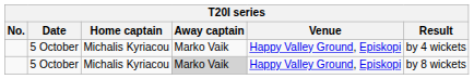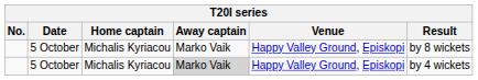 <table class="wikitable">
 <tr>
 <th colspan="9">T20I series</th>
 </tr>
 <tr>
 <th>No.</th>
 <th>Date</th>
 <th>Home captain</th>
 <th>Away captain</th>
 <th>Venue</th>
 <th>Result</th>
 </tr>
 <tr>
 <td></td>
 <td>5 October</td>
 <td>Michalis Kyriacou</td>
 <td>Marko Vaik</td>
 <td><a href='#'>Happy Valley Ground</a>, <a href='#'>Episkopi</a></td>
-<td> by 4 wickets</td>
+<td> by 8 wickets</td>
 </tr>
 <tr>
 <td></td>
 <td>5 October</td>
 <td>Michalis Kyriacou</td>
 <td style="background: lightgrey;">Marko Vaik</td>
 <td><a href='#'>Happy Valley Ground</a>, <a href='#'>Episkopi</a></td>
-<td> by 8 wickets</td>
+<td> by 4 wickets</td>
 </tr>
 </table>
